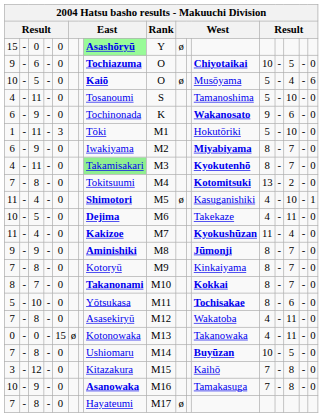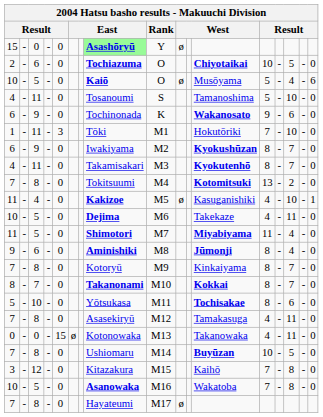 <table class="wikitable">
 <tr>
 <th colspan="17">2004 Hatsu basho results - Makuuchi Division</th>
 </tr>
 <tr>
 <th colspan="5">Result</th>
 <th colspan="3">East</th>
 <th>Rank</th>
 <th colspan="3">West</th>
 <th colspan="5">Result</th>
 </tr>
 <tr>
 <td align=center>15</td>
 <td align=center>-</td>
 <td align=center>0</td>
 <td align=center>-</td>
 <td align=center>0</td>
 <td align=center></td>
 <td align=center></td>
 <td style="background: PaleGreen;"><strong><a href='#'>Asashōryū</a></strong></td>
 <td align=center>Y</td>
 <td align=center>ø</td>
 <td align=center></td>
 <td></td>
 <td align=center></td>
 <td align=center></td>
 <td align=center></td>
 <td align=center></td>
 <td align=center></td>
 </tr>
 <tr>
-<td align=center>9</td>
+<td align=center>2</td>
 <td align=center>-</td>
 <td align=center>6</td>
 <td align=center>-</td>
 <td align=center>0</td>
 <td align=center></td>
 <td align=center></td>
 <td><strong><a href='#'>Tochiazuma</a></strong></td>
 <td align=center>O</td>
 <td align=center></td>
 <td align=center></td>
 <td><strong><a href='#'>Chiyotaikai</a></strong></td>
 <td align=center>10</td>
 <td align=center>-</td>
 <td align=center>5</td>
 <td align=center>-</td>
 <td align=center>0</td>
 </tr>
 <tr>
 <td align=center>10</td>
 <td align=center>-</td>
 <td align=center>5</td>
 <td align=center>-</td>
 <td align=center>0</td>
 <td align=center></td>
 <td align=center></td>
 <td><strong><a href='#'>Kaiō</a></strong></td>
 <td align=center>O</td>
 <td align=center>ø</td>
 <td align=center></td>
 <td><a href='#'>Musōyama</a></td>
 <td align=center>5</td>
 <td align=center>-</td>
 <td align=center>4</td>
 <td align=center>-</td>
 <td align=center>6</td>
 </tr>
 <tr>
 <td align=center>4</td>
 <td align=center>-</td>
 <td align=center>11</td>
 <td align=center>-</td>
 <td align=center>0</td>
 <td align=center></td>
 <td align=center></td>
 <td><a href='#'>Tosanoumi</a></td>
 <td align=center>S</td>
 <td align=center></td>
 <td align=center></td>
 <td><a href='#'>Tamanoshima</a></td>
 <td align=center>5</td>
 <td align=center>-</td>
 <td align=center>10</td>
 <td align=center>-</td>
 <td align=center>0</td>
 </tr>
 <tr>
 <td align=center>6</td>
 <td align=center>-</td>
 <td align=center>9</td>
 <td align=center>-</td>
 <td align=center>0</td>
 <td align=center></td>
 <td align=center></td>
 <td><a href='#'>Tochinonada</a></td>
 <td align=center>K</td>
 <td align=center></td>
 <td align=center></td>
 <td><a href='#'><strong>Wakanosato</strong></a></td>
 <td align=center>9</td>
 <td align=center>-</td>
 <td align=center>6</td>
 <td align=center>-</td>
 <td align=center>0</td>
 </tr>
 <tr>
 <td align=center>1</td>
 <td align=center>-</td>
 <td align=center>11</td>
 <td align=center>-</td>
 <td align=center>3</td>
 <td align=center></td>
 <td align=center></td>
 <td><a href='#'>Tōki</a></td>
 <td align=center>M1</td>
 <td align=center></td>
 <td align=center></td>
 <td><a href='#'>Hokutōriki</a></td>
-<td align=center>5</td>
+<td align=center>7</td>
 <td align=center>-</td>
 <td align=center>10</td>
 <td align=center>-</td>
 <td align=center>0</td>
 </tr>
 <tr>
 <td align=center>6</td>
 <td align=center>-</td>
 <td align=center>9</td>
 <td align=center>-</td>
 <td align=center>0</td>
 <td align=center></td>
 <td align=center></td>
 <td><a href='#'>Iwakiyama</a></td>
 <td align=center>M2</td>
 <td align=center></td>
 <td align=center></td>
-<td><a href='#'><strong>Miyabiyama</strong></a></td>
+<td><a href='#'><strong>Kyokushūzan</strong></a></td>
 <td align=center>8</td>
 <td align=center>-</td>
 <td align=center>7</td>
 <td align=center>-</td>
 <td align=center>0</td>
 </tr>
 <tr>
 <td align=center>4</td>
 <td align=center>-</td>
 <td align=center>11</td>
 <td align=center>-</td>
 <td align=center>0</td>
 <td align=center></td>
 <td align=center></td>
-<td style="background: lightgreen;"><a href='#'>Takamisakari</a></td>
+<td><a href='#'>Takamisakari</a></td>
 <td align=center>M3</td>
 <td align=center></td>
 <td align=center></td>
 <td><a href='#'><strong>Kyokutenhō</strong></a></td>
 <td align=center>8</td>
 <td align=center>-</td>
 <td align=center>7</td>
 <td align=center>-</td>
 <td align=center>0</td>
 </tr>
 <tr>
 <td align=center>7</td>
 <td align=center>-</td>
 <td align=center>8</td>
 <td align=center>-</td>
 <td align=center>0</td>
 <td align=center></td>
 <td align=center></td>
 <td><a href='#'>Tokitsuumi</a></td>
 <td align=center>M4</td>
 <td align=center></td>
 <td align=center></td>
 <td><a href='#'><strong>Kotomitsuki</strong></a></td>
 <td align=center>13</td>
 <td align=center>-</td>
 <td align=center>2</td>
 <td align=center>-</td>
 <td align=center>0</td>
 </tr>
 <tr>
 <td align=center>11</td>
 <td align=center>-</td>
 <td align=center>4</td>
 <td align=center>-</td>
 <td align=center>0</td>
 <td align=center></td>
 <td align=center></td>
-<td><a href='#'><strong>Shimotori</strong></a></td>
+<td><a href='#'><strong>Kakizoe</strong></a></td>
 <td align=center>M5</td>
 <td align=center>ø</td>
 <td align=center></td>
 <td><a href='#'>Kasuganishiki</a></td>
 <td align=center>4</td>
 <td align=center>-</td>
 <td align=center>10</td>
 <td align=center>-</td>
 <td align=center>1</td>
 </tr>
 <tr>
 <td align=center>10</td>
 <td align=center>-</td>
 <td align=center>5</td>
 <td align=center>-</td>
 <td align=center>0</td>
 <td align=center></td>
 <td align=center></td>
 <td><strong><a href='#'>Dejima</a></strong></td>
 <td align=center>M6</td>
 <td align=center></td>
 <td align=center></td>
 <td><a href='#'>Takekaze</a></td>
 <td align=center>4</td>
 <td align=center>-</td>
 <td align=center>11</td>
 <td align=center>-</td>
 <td align=center>0</td>
 </tr>
 <tr>
 <td align=center>11</td>
 <td align=center>-</td>
-<td align=center>4</td>
+<td align=center>5</td>
 <td align=center>-</td>
 <td align=center>0</td>
 <td align=center></td>
 <td align=center></td>
-<td><a href='#'><strong>Kakizoe</strong></a></td>
+<td><a href='#'><strong>Shimotori</strong></a></td>
 <td align=center>M7</td>
 <td align=center></td>
 <td align=center></td>
-<td><a href='#'><strong>Kyokushūzan</strong></a></td>
+<td><a href='#'><strong>Miyabiyama</strong></a></td>
 <td align=center>11</td>
 <td align=center>-</td>
 <td align=center>4</td>
 <td align=center>-</td>
 <td align=center>0</td>
 </tr>
 <tr>
 <td align=center>9</td>
 <td align=center>-</td>
-<td align=center>9</td>
+<td align=center>6</td>
 <td align=center>-</td>
 <td align=center>0</td>
 <td align=center></td>
 <td align=center></td>
 <td><a href='#'><strong>Aminishiki</strong></a></td>
 <td align=center>M8</td>
 <td align=center></td>
 <td align=center></td>
 <td><strong><a href='#'>Jūmonji</a></strong></td>
 <td align=center>8</td>
 <td align=center>-</td>
-<td align=center>7</td>
+<td align=center>4</td>
 <td align=center>-</td>
 <td align=center>0</td>
 </tr>
 <tr>
 <td align=center>7</td>
 <td align=center>-</td>
 <td align=center>8</td>
 <td align=center>-</td>
 <td align=center>0</td>
 <td align=center></td>
 <td align=center></td>
 <td><a href='#'>Kotoryū</a></td>
 <td align=center>M9</td>
 <td align=center></td>
 <td align=center></td>
 <td><a href='#'>Kinkaiyama</a></td>
 <td align=center>8</td>
 <td align=center>-</td>
 <td align=center>7</td>
 <td align=center>-</td>
 <td align=center>0</td>
 </tr>
 <tr>
 <td align=center>8</td>
 <td align=center>-</td>
 <td align=center>7</td>
 <td align=center>-</td>
 <td align=center>0</td>
 <td align=center></td>
 <td align=center></td>
 <td><a href='#'><strong>Takanonami</strong></a></td>
 <td align=center>M10</td>
 <td align=center></td>
 <td align=center></td>
 <td><strong><a href='#'>Kokkai</a></strong></td>
 <td align=center>8</td>
 <td align=center>-</td>
 <td align=center>7</td>
 <td align=center>-</td>
 <td align=center>0</td>
 </tr>
 <tr>
 <td align=center>5</td>
 <td align=center>-</td>
 <td align=center>10</td>
 <td align=center>-</td>
 <td align=center>0</td>
 <td align=center></td>
 <td align=center></td>
 <td><a href='#'>Yōtsukasa</a></td>
 <td align=center>M11</td>
 <td align=center></td>
 <td align=center></td>
 <td><a href='#'><strong>Tochisakae</strong></a></td>
 <td align=center>8</td>
 <td align=center>-</td>
 <td align=center>6</td>
 <td align=center>-</td>
 <td align=center>0</td>
 </tr>
 <tr>
 <td align=center>7</td>
 <td align=center>-</td>
 <td align=center>8</td>
 <td align=center>-</td>
 <td align=center>0</td>
 <td align=center></td>
 <td align=center></td>
 <td><a href='#'>Asasekiryū</a></td>
 <td align=center>M12</td>
 <td align=center></td>
 <td align=center></td>
-<td><a href='#'>Wakatoba</a></td>
+<td><a href='#'>Tamakasuga</a></td>
 <td align=center>4</td>
 <td align=center>-</td>
 <td align=center>11</td>
 <td align=center>-</td>
 <td align=center>0</td>
 </tr>
 <tr>
 <td align=center>0</td>
 <td align=center>-</td>
 <td align=center>0</td>
 <td align=center>-</td>
 <td align=center>15</td>
 <td align=center>ø</td>
 <td align=center></td>
 <td><a href='#'>Kotonowaka</a></td>
 <td align=center>M13</td>
 <td align=center></td>
 <td align=center></td>
 <td><a href='#'>Takanowaka</a></td>
 <td align=center>4</td>
 <td align=center>-</td>
 <td align=center>11</td>
 <td align=center>-</td>
 <td align=center>0</td>
 </tr>
 <tr>
 <td align=center>7</td>
 <td align=center>-</td>
 <td align=center>8</td>
 <td align=center>-</td>
 <td align=center>0</td>
 <td align=center></td>
 <td align=center></td>
 <td><a href='#'>Ushiomaru</a></td>
 <td align=center>M14</td>
 <td align=center></td>
 <td align=center></td>
 <td><a href='#'><strong>Buyūzan</strong></a></td>
 <td align=center>10</td>
 <td align=center>-</td>
 <td align=center>5</td>
 <td align=center>-</td>
 <td align=center>0</td>
 </tr>
 <tr>
 <td align=center>3</td>
 <td align=center>-</td>
 <td align=center>12</td>
 <td align=center>-</td>
 <td align=center>0</td>
 <td align=center></td>
 <td align=center></td>
 <td><a href='#'>Kitazakura</a></td>
 <td align=center>M15</td>
 <td align=center></td>
 <td align=center></td>
 <td><a href='#'>Kaihō</a></td>
 <td align=center>7</td>
 <td align=center>-</td>
 <td align=center>8</td>
 <td align=center>-</td>
 <td align=center>0</td>
 </tr>
 <tr>
 <td align=center>10</td>
 <td align=center>-</td>
-<td align=center>9</td>
+<td align=center>5</td>
 <td align=center>-</td>
 <td align=center>0</td>
 <td align=center></td>
 <td align=center></td>
 <td><a href='#'><strong>Asanowaka</strong></a></td>
 <td align=center>M16</td>
 <td align=center></td>
 <td align=center></td>
-<td><a href='#'>Tamakasuga</a></td>
+<td><a href='#'>Wakatoba</a></td>
 <td align=center>7</td>
 <td align=center>-</td>
 <td align=center>8</td>
 <td align=center>-</td>
 <td align=center>0</td>
 </tr>
 <tr>
 <td align=center>7</td>
 <td align=center>-</td>
 <td align=center>8</td>
 <td align=center>-</td>
 <td align=center>0</td>
 <td align=center></td>
 <td align=center></td>
 <td><a href='#'>Hayateumi</a></td>
 <td align=center>M17</td>
 <td align=center>ø</td>
 <td align=center></td>
 <td></td>
 <td align=center></td>
 <td align=center></td>
 <td align=center></td>
 <td align=center></td>
 <td align=center></td>
 </tr>
 </table>
